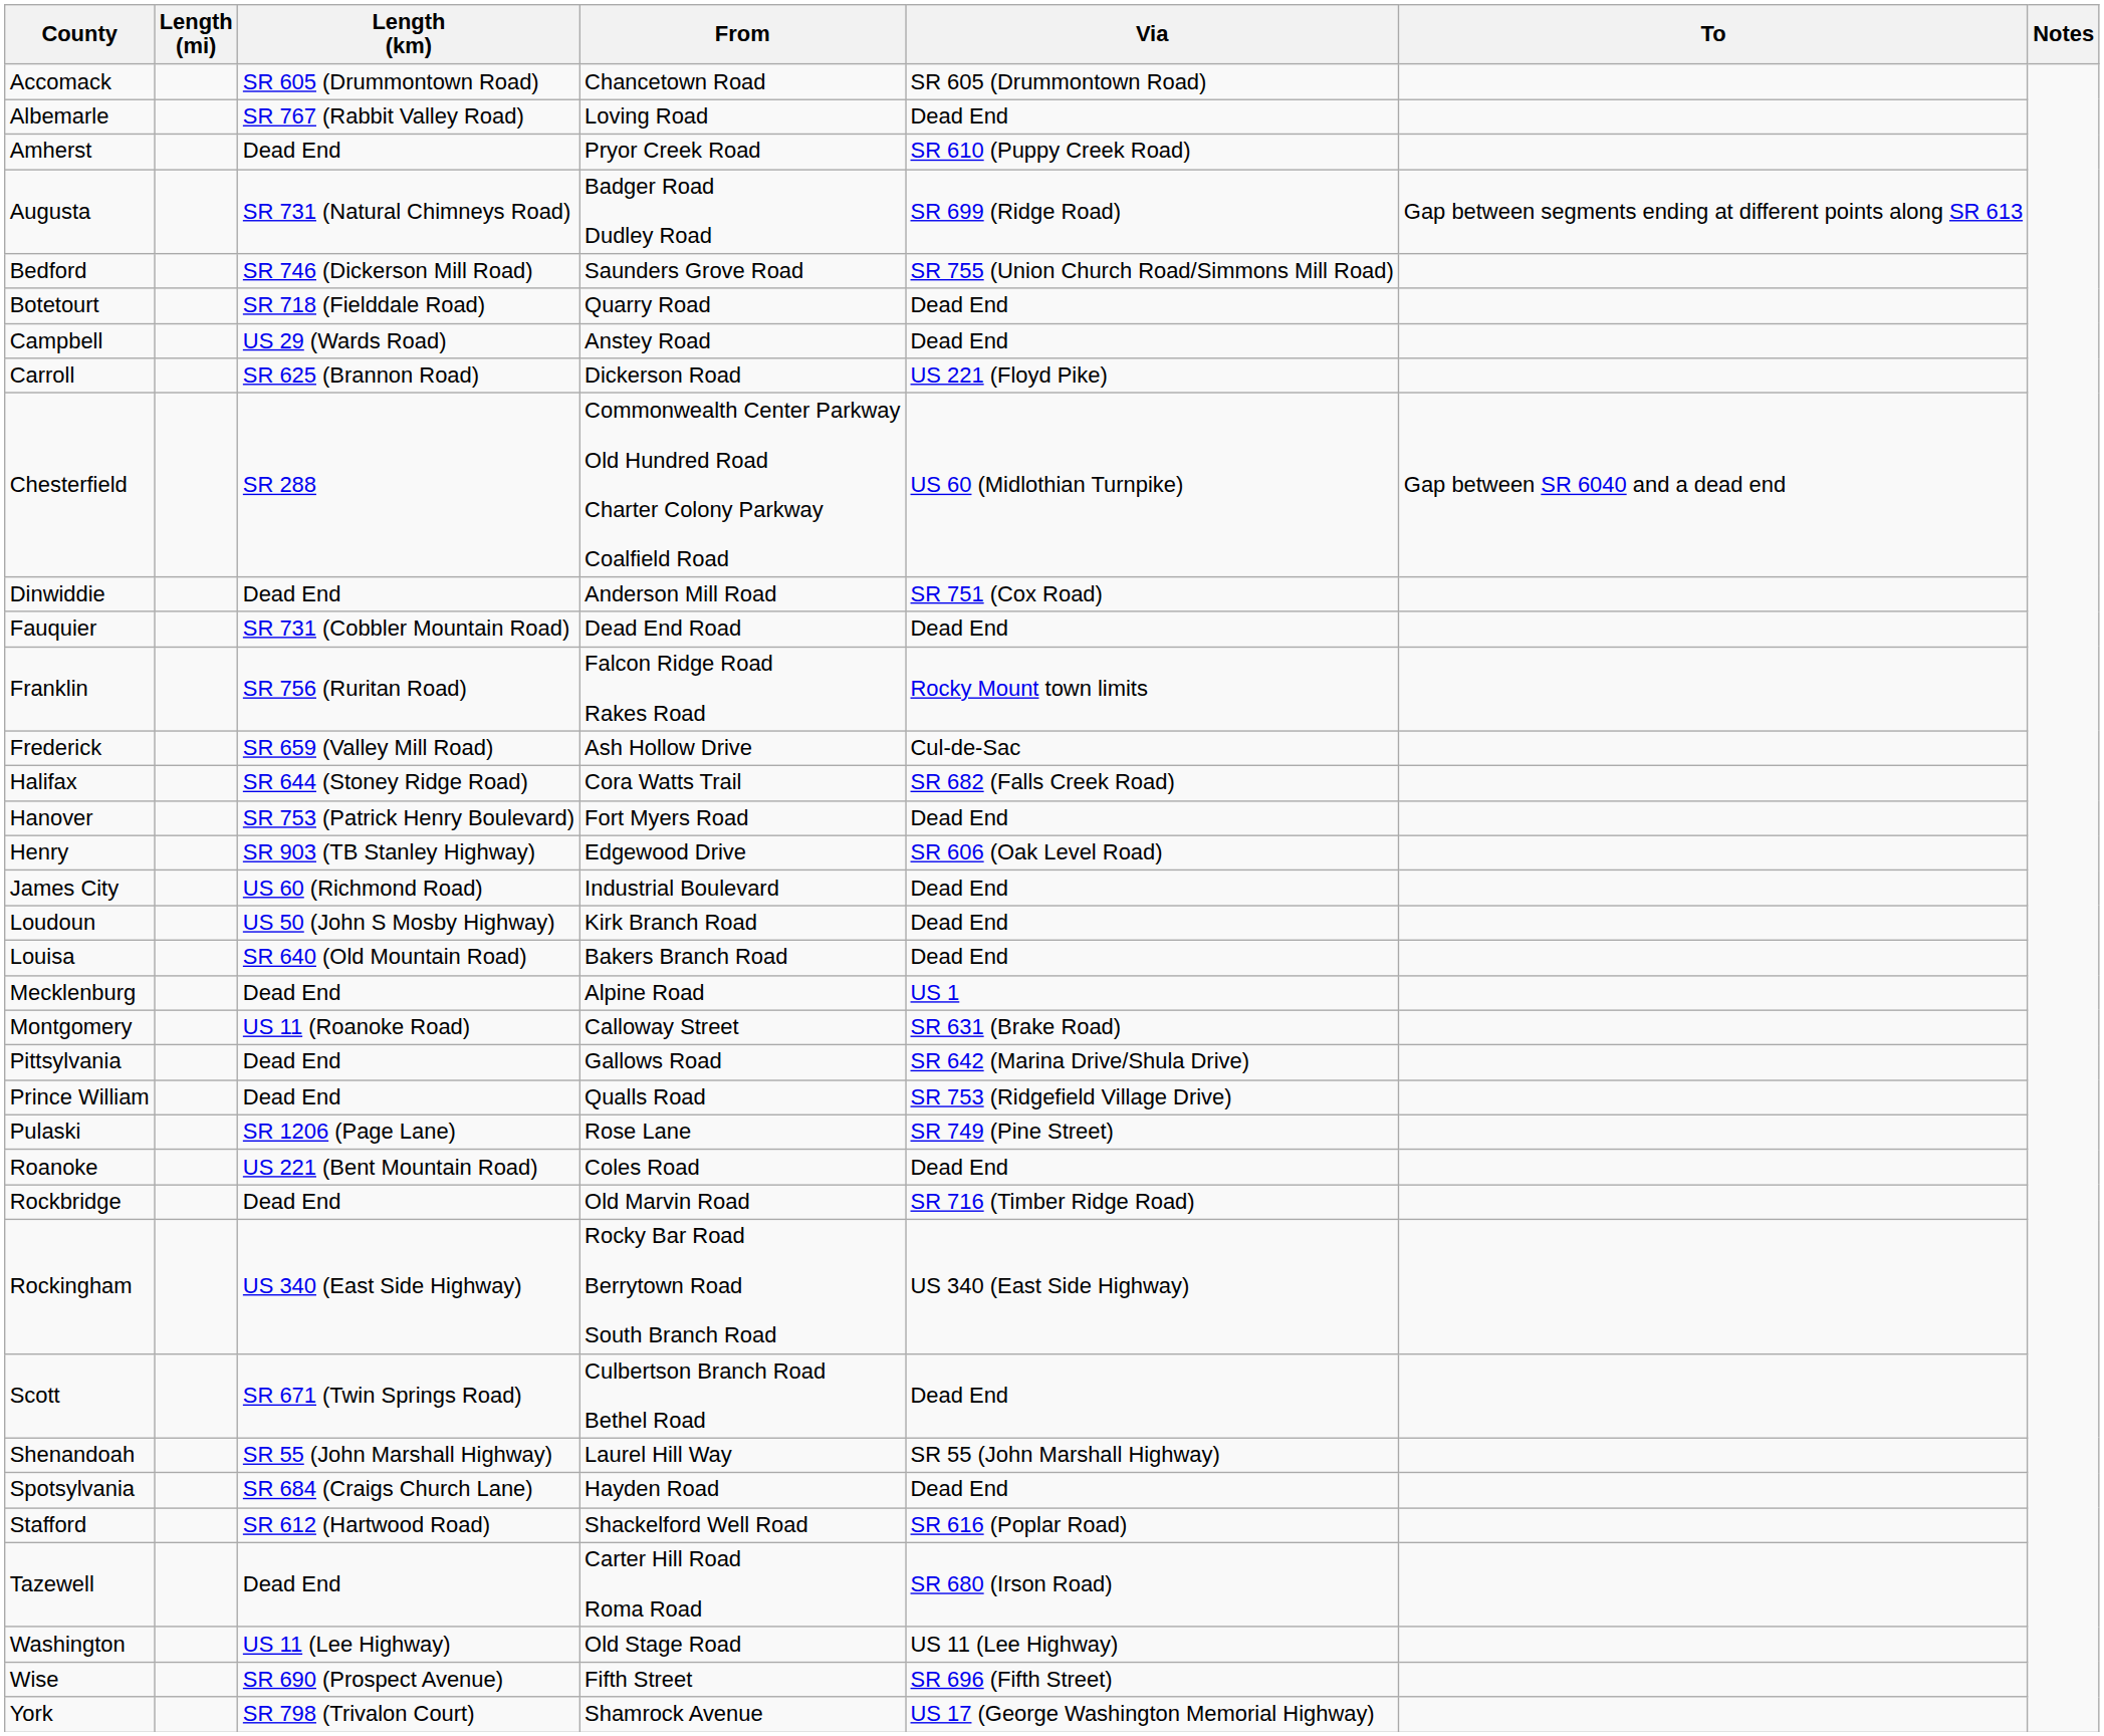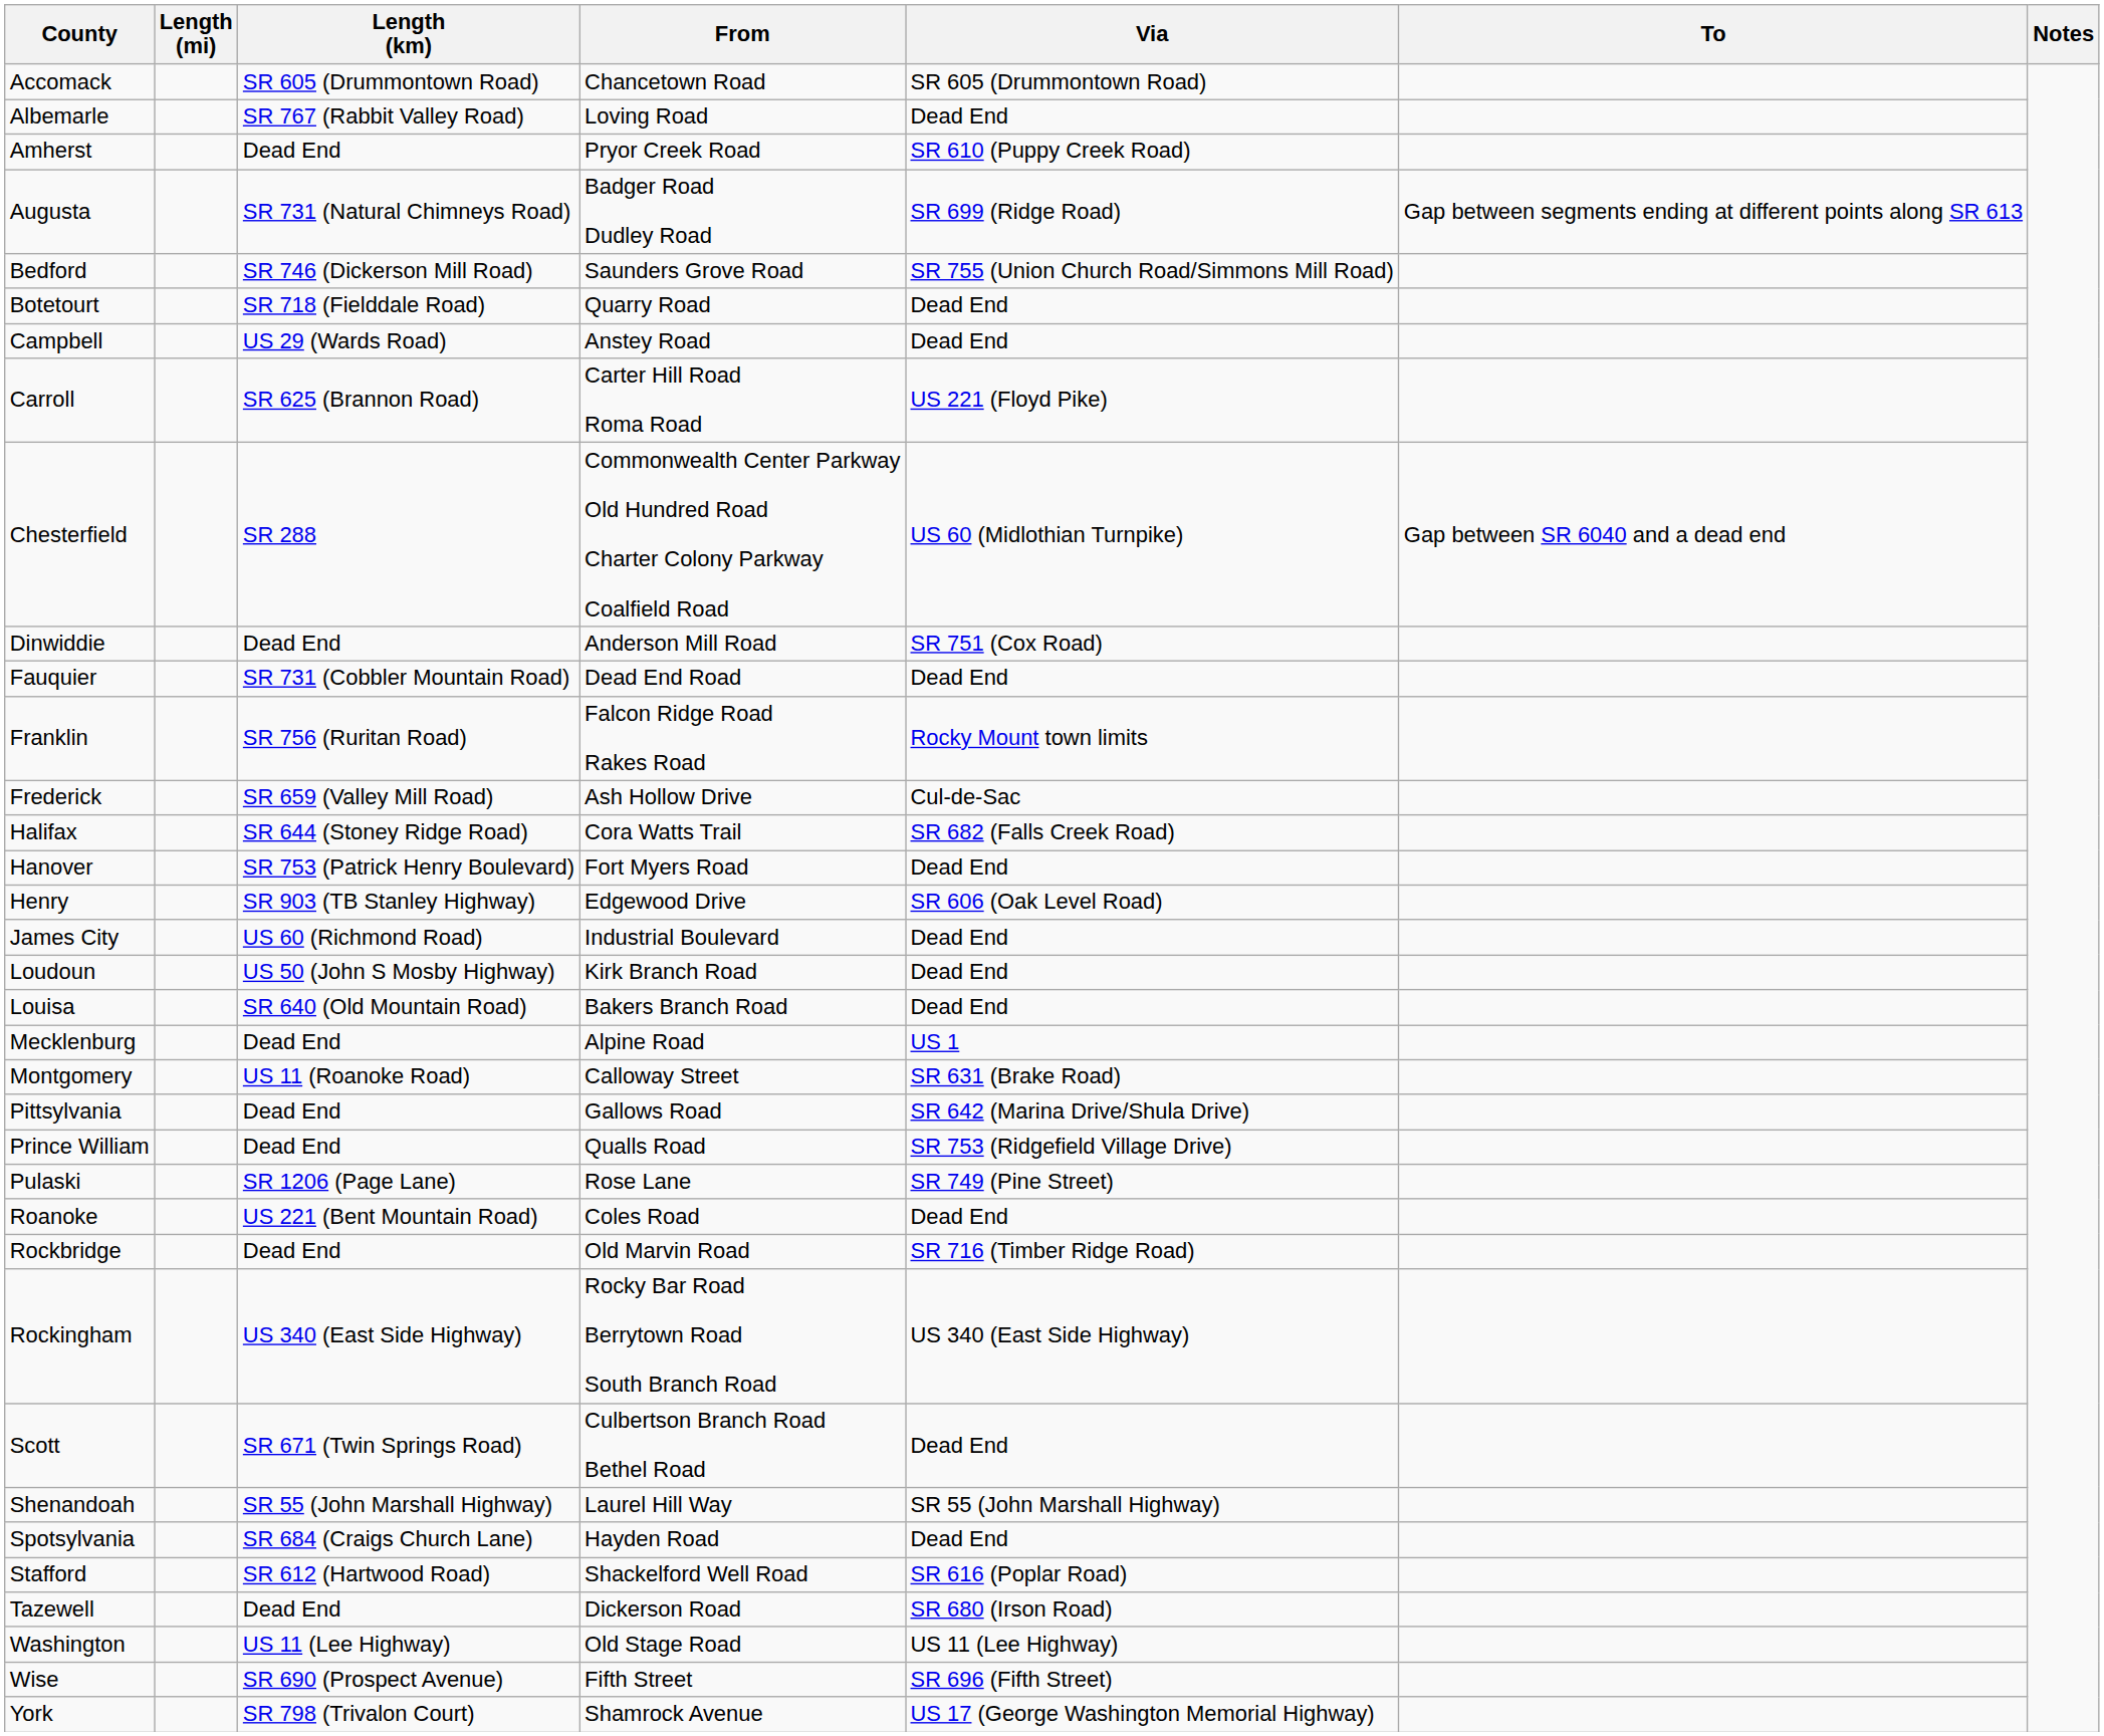 <table class="wikitable sortable">
 <tr>
 <th>County</th>
 <th>Length<br>(mi)</th>
 <th>Length<br>(km)</th>
 <th class="unsortable">From</th>
 <th class="unsortable">Via</th>
 <th class="unsortable">To</th>
 <th class="unsortable">Notes</th>
 </tr>
 <tr>
 <td id="Accomack">Accomack</td>
 <td></td>
 <td><a href='#'>SR 605</a> (Drummontown Road)</td>
 <td>Chancetown Road</td>
 <td>SR 605 (Drummontown Road)</td>
 <td></td>
 </tr>
 <tr>
 <td id="Albemarle">Albemarle</td>
 <td></td>
 <td><a href='#'>SR 767</a> (Rabbit Valley Road)</td>
 <td>Loving Road</td>
 <td>Dead End</td>
 <td><br> </td>
 </tr>
 <tr>
 <td id="Amherst">Amherst</td>
 <td></td>
 <td>Dead End</td>
 <td>Pryor Creek Road</td>
 <td><a href='#'>SR 610</a> (Puppy Creek Road)</td>
 <td><br> </td>
 </tr>
 <tr>
 <td id="Augusta">Augusta</td>
 <td></td>
 <td><a href='#'>SR 731</a> (Natural Chimneys Road)</td>
 <td>Badger Road<br><br>Dudley Road</td>
 <td><a href='#'>SR 699</a> (Ridge Road)</td>
 <td>Gap between segments ending at different points along <a href='#'>SR 613</a><br></td>
 </tr>
 <tr>
 <td id="Bedford">Bedford</td>
 <td></td>
 <td><a href='#'>SR 746</a> (Dickerson Mill Road)</td>
 <td>Saunders Grove Road</td>
 <td><a href='#'>SR 755</a> (Union Church Road/Simmons Mill Road)</td>
 <td><br></td>
 </tr>
 <tr>
 <td id="Botetourt">Botetourt</td>
 <td></td>
 <td><a href='#'>SR 718</a> (Fielddale Road)</td>
 <td>Quarry Road</td>
 <td>Dead End</td>
 <td><br>  </td>
 </tr>
 <tr>
 <td id="Campbell">Campbell</td>
 <td></td>
 <td><a href='#'>US 29</a> (Wards Road)</td>
 <td>Anstey Road</td>
 <td>Dead End</td>
 <td><br></td>
 </tr>
 <tr>
 <td id="Carroll">Carroll</td>
 <td></td>
 <td><a href='#'>SR 625</a> (Brannon Road)</td>
-<td>Dickerson Road</td>
+<td>Carter Hill Road<br><br>Roma Road</td>
 <td><a href='#'>US 221</a> (Floyd Pike)</td>
 <td><br> </td>
 </tr>
 <tr>
 <td id="Chesterfield">Chesterfield</td>
 <td></td>
 <td><a href='#'>SR 288</a></td>
 <td>Commonwealth Center Parkway<br><br>Old Hundred Road<br><br>Charter Colony Parkway<br><br>Coalfield Road</td>
 <td><a href='#'>US 60</a> (Midlothian Turnpike)</td>
 <td>Gap between <a href='#'>SR 6040</a> and a dead end<br>    </td>
 </tr>
 <tr>
 <td id="Dinwiddie">Dinwiddie</td>
 <td></td>
 <td>Dead End</td>
 <td>Anderson Mill Road</td>
 <td><a href='#'>SR 751</a> (Cox Road)</td>
 <td><br> </td>
 </tr>
 <tr>
 <td id="Fauquier">Fauquier</td>
 <td></td>
 <td><a href='#'>SR 731</a> (Cobbler Mountain Road)</td>
 <td>Dead End Road</td>
 <td>Dead End</td>
 <td><br> </td>
 </tr>
 <tr>
 <td id="Franklin">Franklin</td>
 <td></td>
 <td><a href='#'>SR 756</a> (Ruritan Road)</td>
 <td>Falcon Ridge Road<br><br>Rakes Road</td>
 <td><a href='#'>Rocky Mount</a> town limits</td>
 <td></td>
 </tr>
 <tr>
 <td id="Frederick">Frederick</td>
 <td></td>
 <td><a href='#'>SR 659</a> (Valley Mill Road)</td>
 <td>Ash Hollow Drive</td>
 <td>Cul-de-Sac</td>
 <td><br>     </td>
 </tr>
 <tr>
 <td id="Halifax">Halifax</td>
 <td></td>
 <td><a href='#'>SR 644</a> (Stoney Ridge Road)</td>
 <td>Cora Watts Trail</td>
 <td><a href='#'>SR 682</a> (Falls Creek Road)</td>
 <td></td>
 </tr>
 <tr>
 <td id="Hanover">Hanover</td>
 <td></td>
 <td><a href='#'>SR 753</a> (Patrick Henry Boulevard)</td>
 <td>Fort Myers Road</td>
 <td>Dead End</td>
 <td><br></td>
 </tr>
 <tr>
 <td id="Henry">Henry</td>
 <td></td>
 <td><a href='#'>SR 903</a> (TB Stanley Highway)</td>
 <td>Edgewood Drive</td>
 <td><a href='#'>SR 606</a> (Oak Level Road)</td>
 <td><br> </td>
 </tr>
 <tr>
 <td id="James City">James City</td>
 <td></td>
 <td><a href='#'>US 60</a> (Richmond Road)</td>
 <td>Industrial Boulevard</td>
 <td>Dead End</td>
 <td><br>    </td>
 </tr>
 <tr>
 <td id="Loudoun">Loudoun</td>
 <td></td>
 <td><a href='#'>US 50</a> (John S Mosby Highway)</td>
 <td>Kirk Branch Road</td>
 <td>Dead End</td>
 <td></td>
 </tr>
 <tr>
 <td id="Louisa">Louisa</td>
 <td></td>
 <td><a href='#'>SR 640</a> (Old Mountain Road)</td>
 <td>Bakers Branch Road</td>
 <td>Dead End</td>
 <td><br>  </td>
 </tr>
 <tr>
 <td id="Mecklenburg">Mecklenburg</td>
 <td></td>
 <td>Dead End</td>
 <td>Alpine Road</td>
 <td><a href='#'>US 1</a></td>
 <td><br></td>
 </tr>
 <tr>
 <td id="Montgomery">Montgomery</td>
 <td></td>
 <td><a href='#'>US 11</a> (Roanoke Road)</td>
 <td>Calloway Street</td>
 <td><a href='#'>SR 631</a> (Brake Road)</td>
 <td><br>       </td>
 </tr>
 <tr>
 <td id="Pittsylvania">Pittsylvania</td>
 <td></td>
 <td>Dead End</td>
 <td>Gallows Road</td>
 <td><a href='#'>SR 642</a> (Marina Drive/Shula Drive)</td>
 <td><br>  </td>
 </tr>
 <tr>
 <td id="Prince William">Prince William</td>
 <td></td>
 <td>Dead End</td>
 <td>Qualls Road</td>
 <td><a href='#'>SR 753</a> (Ridgefield Village Drive)</td>
 <td></td>
 </tr>
 <tr>
 <td id="Pulaski">Pulaski</td>
 <td></td>
 <td><a href='#'>SR 1206</a> (Page Lane)</td>
 <td>Rose Lane</td>
 <td><a href='#'>SR 749</a> (Pine Street)</td>
 <td><br> </td>
 </tr>
 <tr>
 <td id="Roanoke">Roanoke</td>
 <td></td>
 <td><a href='#'>US 221</a> (Bent Mountain Road)</td>
 <td>Coles Road</td>
 <td>Dead End</td>
 <td></td>
 </tr>
 <tr>
 <td id="Rockbridge">Rockbridge</td>
 <td></td>
 <td>Dead End</td>
 <td>Old Marvin Road</td>
 <td><a href='#'>SR 716</a> (Timber Ridge Road)</td>
 <td></td>
 </tr>
 <tr>
 <td id="Rockingham">Rockingham</td>
 <td></td>
 <td><a href='#'>US 340</a> (East Side Highway)</td>
 <td>Rocky Bar Road<br><br>Berrytown Road<br><br>South Branch Road</td>
 <td>US 340 (East Side Highway)</td>
 <td><br></td>
 </tr>
 <tr>
 <td id="Scott">Scott</td>
 <td></td>
 <td><a href='#'>SR 671</a> (Twin Springs Road)</td>
 <td>Culbertson Branch Road<br><br>Bethel Road</td>
 <td>Dead End</td>
 <td></td>
 </tr>
 <tr>
 <td id="Shenandoah">Shenandoah</td>
 <td></td>
 <td><a href='#'>SR 55</a> (John Marshall Highway)</td>
 <td>Laurel Hill Way</td>
 <td>SR 55 (John Marshall Highway)</td>
 <td><br> </td>
 </tr>
 <tr>
 <td id="Spotsylvania">Spotsylvania</td>
 <td></td>
 <td><a href='#'>SR 684</a> (Craigs Church Lane)</td>
 <td>Hayden Road</td>
 <td>Dead End</td>
 <td></td>
 </tr>
 <tr>
 <td id="Stafford">Stafford</td>
 <td></td>
 <td><a href='#'>SR 612</a> (Hartwood Road)</td>
 <td>Shackelford Well Road</td>
 <td><a href='#'>SR 616</a> (Poplar Road)</td>
 <td><br> </td>
 </tr>
 <tr>
 <td id="Tazewell">Tazewell</td>
 <td></td>
 <td>Dead End</td>
-<td>Carter Hill Road<br><br>Roma Road</td>
+<td>Dickerson Road</td>
 <td><a href='#'>SR 680</a> (Irson Road)</td>
 <td><br></td>
 </tr>
 <tr>
 <td id="Washington">Washington</td>
 <td></td>
 <td><a href='#'>US 11</a> (Lee Highway)</td>
 <td>Old Stage Road</td>
 <td>US 11 (Lee Highway)</td>
 <td><br></td>
 </tr>
 <tr>
 <td id="Wise">Wise</td>
 <td></td>
 <td><a href='#'>SR 690</a> (Prospect Avenue)</td>
 <td>Fifth Street</td>
 <td><a href='#'>SR 696</a> (Fifth Street)</td>
 <td><br></td>
 </tr>
 <tr>
 <td id="York">York</td>
 <td></td>
 <td><a href='#'>SR 798</a> (Trivalon Court)</td>
 <td>Shamrock Avenue</td>
 <td><a href='#'>US 17</a> (George Washington Memorial Highway)</td>
 <td></td>
 </tr>
 </table>
